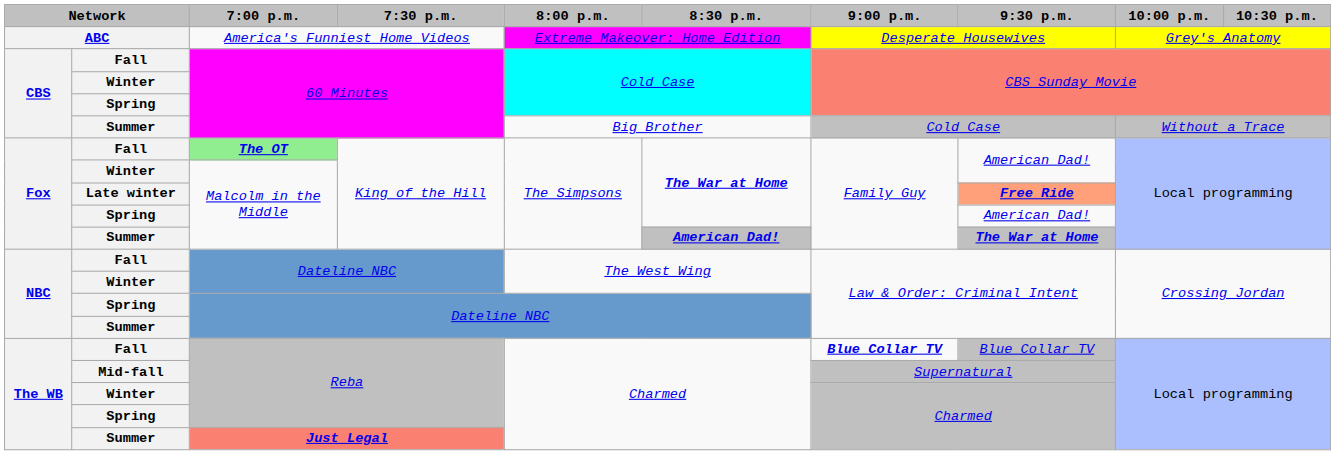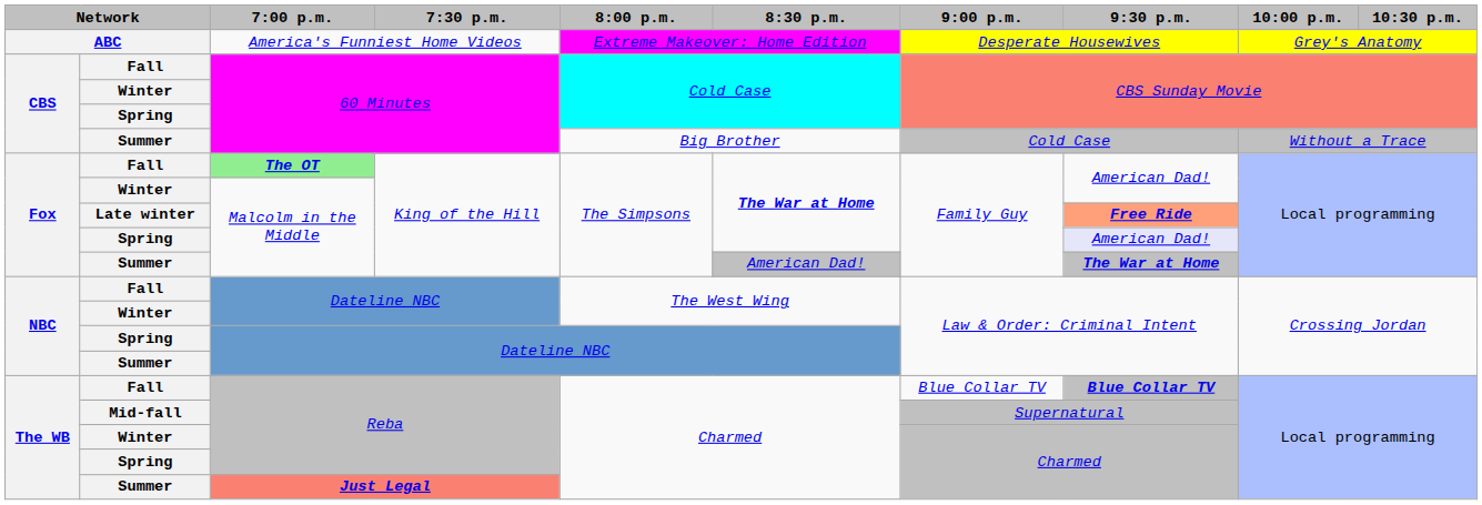 <table class="wikitable" style="width:100%;margin-right:0;text-align:center">
 <tr>
 <th colspan="2" style="background-color:#C0C0C0;text-align:center">Network</th>
 <th style="background-color:#C0C0C0;text-align:center">7:00 p.m.</th>
 <th style="background-color:#C0C0C0;text-align:center">7:30 p.m.</th>
 <th style="background-color:#C0C0C0;text-align:center">8:00 p.m.</th>
 <th style="background-color:#C0C0C0;text-align:center">8:30 p.m.</th>
 <th style="background-color:#C0C0C0;text-align:center">9:00 p.m.</th>
 <th style="background-color:#C0C0C0;text-align:center">9:30 p.m.</th>
 <th style="background-color:#C0C0C0;text-align:center">10:00 p.m.</th>
 <th style="background-color:#C0C0C0;text-align:center">10:30 p.m.</th>
 </tr>
 <tr>
 <th colspan="2"><a href='#'>ABC</a></th>
 <td colspan="2"><em><a href='#'>America's Funniest Home Videos</a></em></td>
 <td colspan="2" style="background:#FF00FF;"><em><a href='#'>Extreme Makeover: Home Edition</a></em> </td>
 <td colspan="2" style="background:#FFFF00;"><em><a href='#'>Desperate Housewives</a></em> </td>
 <td colspan="2" style="background:#FFFF00;"><em><a href='#'>Grey's Anatomy</a></em> </td>
 </tr>
 <tr>
 <th rowspan="4"><a href='#'>CBS</a></th>
 <th>Fall</th>
 <td colspan="2" rowspan="4" style="background:#FF00FF;"><em><a href='#'>60 Minutes</a></em> </td>
 <td colspan="2" rowspan="3" style="background:#00FFFF;"><em><a href='#'>Cold Case</a></em> </td>
 <td colspan="4" rowspan="3" style="background:#FA8072;"><em><a href='#'>CBS Sunday Movie</a></em></td>
 </tr>
 <tr>
 <th>Winter</th>
 </tr>
 <tr>
 <th>Spring</th>
 </tr>
 <tr>
 <th>Summer</th>
 <td colspan="2"><em><a href='#'>Big Brother</a></em></td>
 <td colspan="2" style="background:#C0C0C0;"><em><a href='#'>Cold Case</a></em> </td>
 <td colspan="2" style="background:#C0C0C0;"><em><a href='#'>Without a Trace</a></em> </td>
 </tr>
 <tr>
 <th rowspan="5"><a href='#'>Fox</a></th>
 <th>Fall</th>
 <td style="background:lightgreen;"><strong><em><a href='#'>The OT</a></em></strong></td>
 <td rowspan="5"><em><a href='#'>King of the Hill</a></em></td>
 <td rowspan="5"><em><a href='#'>The Simpsons</a></em></td>
 <td rowspan="4"><strong><em><a href='#'>The War at Home</a></em></strong></td>
 <td rowspan="5"><em><a href='#'>Family Guy</a></em></td>
 <td rowspan="2"><em><a href='#'>American Dad!</a></em></td>
 <td colspan="2" rowspan="5" style="background:#abbfff;">Local programming</td>
 </tr>
 <tr>
 <th>Winter</th>
 <td rowspan="4"><em><a href='#'>Malcolm in the<br>Middle</a></em></td>
 </tr>
 <tr>
 <th>Late winter</th>
 <td style="background: lightsalmon;"><strong><em><a href='#'>Free Ride</a></em></strong></td>
 </tr>
 <tr>
 <th>Spring</th>
-<td><em><a href='#'>American Dad!</a></em></td>
+<td style="background: lavender;"><em><a href='#'>American Dad!</a></em></td>
 </tr>
 <tr>
 <th>Summer</th>
-<td style="background:#C0C0C0;"><strong><em><a href='#'>American Dad!</a></em> </strong></td>
+<td style="background:#C0C0C0;"><em><a href='#'>American Dad!</a></em> </td>
 <td style="background:#C0C0C0;"><strong><em><a href='#'>The War at Home</a></em></strong> </td>
 </tr>
 <tr>
 <th rowspan="4"><a href='#'>NBC</a></th>
 <th>Fall</th>
 <td colspan="2" rowspan="2" style="background:#6699CC;"><em><a href='#'>Dateline NBC</a></em></td>
 <td colspan="2" rowspan="2"><em><a href='#'>The West Wing</a></em></td>
 <td colspan="2" rowspan="4"><em><a href='#'>Law & Order: Criminal Intent</a></em></td>
 <td colspan="2" rowspan="4"><em><a href='#'>Crossing Jordan</a></em></td>
 </tr>
 <tr>
 <th>Winter</th>
 </tr>
 <tr>
 <th>Spring</th>
 <td colspan="4" rowspan="2" style="background:#6699CC;"><em><a href='#'>Dateline NBC</a></em></td>
 </tr>
 <tr>
 <th>Summer</th>
 </tr>
 <tr>
 <th rowspan="5"><a href='#'>The WB</a></th>
 <th>Fall</th>
 <td style="background:#C0C0C0;" colspan="2" rowspan="4"><em><a href='#'>Reba</a></em> </td>
 <td colspan="2" rowspan="5"><em><a href='#'>Charmed</a></em></td>
-<td><strong><em><a href='#'>Blue Collar TV</a></em></strong></td>
-<td style="background:#C0C0C0;"><em><a href='#'>Blue Collar TV</a></em> </td>
+<td><em><a href='#'>Blue Collar TV</a></em></td>
+<td style="background:#C0C0C0;"><strong><em><a href='#'>Blue Collar TV</a></em> </strong></td>
 <td style="background-color:#abbfff" colspan="2" rowspan="5">Local programming</td>
 </tr>
 <tr>
 <th>Mid-fall</th>
 <td colspan="2" style="background:#C0C0C0;"><em><a href='#'>Supernatural</a></em> </td>
 </tr>
 <tr>
 <th>Winter</th>
 <td colspan="2" rowspan="3" style="background:#C0C0C0;"><em><a href='#'>Charmed</a></em> </td>
 </tr>
 <tr>
 <th>Spring</th>
 </tr>
 <tr>
 <th>Summer</th>
 <td colspan="2" style="background:#FA8072;"><strong><em><a href='#'>Just Legal</a></em></strong></td>
 </tr>
 </table>
